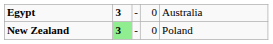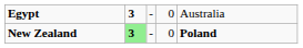 <table class="wikitable">
 <tr>
 <td width=150> <strong>Egypt</strong></td>
 <td style="width:20px; text-align:left;"><strong>3</strong></td>
 <td>-</td>
 <td style="width:20px; text-align:right;">0</td>
 <td width=150> Australia</td>
 </tr>
 <tr>
 <td> <strong>New Zealand</strong></td>
 <td style="background: lightgreen; text-align:left;"><strong>3</strong></td>
 <td>-</td>
 <td style="text-align:right;">0</td>
-<td> Poland</td>
+<td><strong> Poland</strong></td>
 </tr>
 </table>
